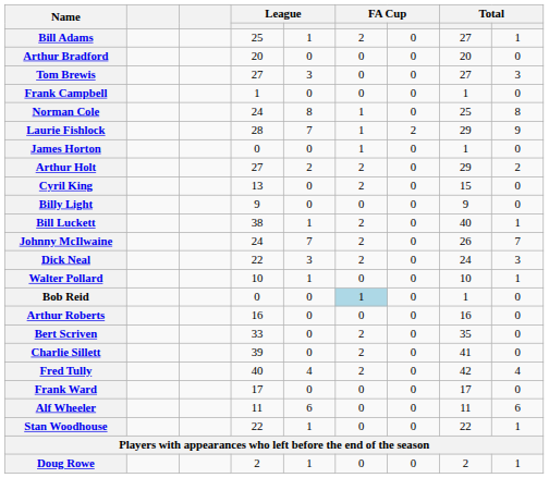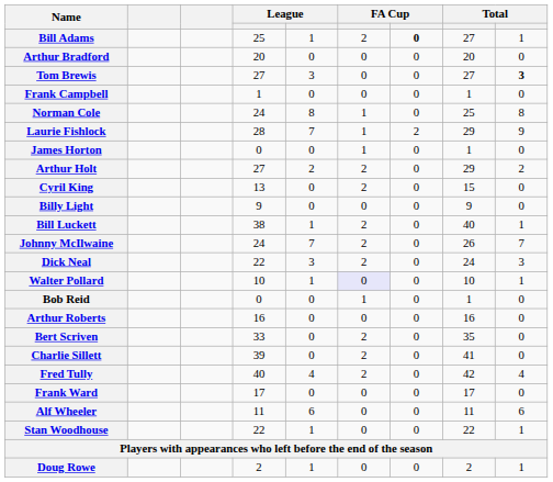 <table class="wikitable plainrowheaders" style="text-align:center;">
 <tr>
 <th scope="col" rowspan="2" style="width:10em;">Name</th>
 <th scope="col" rowspan="2" style="width:4em;"></th>
 <th scope="col" rowspan="2" style="width:4em;"></th>
 <th scope="col" colspan="2">League</th>
 <th scope="col" colspan="2">FA Cup</th>
 <th scope="col" colspan="2">Total</th>
 </tr>
 <tr>
 <th scope="col" style="width:4em;"></th>
 <th scope="col" style="width:4em;"></th>
 <th scope="col" style="width:4em;"></th>
 <th scope="col" style="width:4em;"></th>
 <th scope="col" style="width:4em;"></th>
 <th scope="col" style="width:4em;"></th>
 </tr>
 <tr>
 <th scope="row"><a href='#'>Bill Adams</a></th>
 <td></td>
 <td></td>
 <td>25</td>
 <td>1</td>
 <td>2</td>
-<td>0</td>
+<td><strong>0</strong></td>
 <td>27</td>
 <td>1</td>
 </tr>
 <tr>
 <th scope="row"><a href='#'>Arthur Bradford</a></th>
 <td></td>
 <td></td>
 <td>20</td>
 <td>0</td>
 <td>0</td>
 <td>0</td>
 <td>20</td>
 <td>0</td>
 </tr>
 <tr>
 <th scope="row"><a href='#'>Tom Brewis</a></th>
 <td></td>
 <td></td>
 <td>27</td>
 <td>3</td>
 <td>0</td>
 <td>0</td>
 <td>27</td>
-<td>3</td>
+<td><strong>3</strong></td>
 </tr>
 <tr>
 <th scope="row"><a href='#'>Frank Campbell</a></th>
 <td></td>
 <td></td>
 <td>1</td>
 <td>0</td>
 <td>0</td>
 <td>0</td>
 <td>1</td>
 <td>0</td>
 </tr>
 <tr>
 <th scope="row"><a href='#'>Norman Cole</a></th>
 <td></td>
 <td></td>
 <td>24</td>
 <td>8</td>
 <td>1</td>
 <td>0</td>
 <td>25</td>
 <td>8</td>
 </tr>
 <tr>
 <th scope="row"><a href='#'>Laurie Fishlock</a></th>
 <td></td>
 <td></td>
 <td>28</td>
 <td>7</td>
 <td>1</td>
 <td>2</td>
 <td>29</td>
 <td>9</td>
 </tr>
 <tr>
 <th scope="row"><a href='#'>James Horton</a></th>
 <td></td>
 <td></td>
 <td>0</td>
 <td>0</td>
 <td>1</td>
 <td>0</td>
 <td>1</td>
 <td>0</td>
 </tr>
 <tr>
 <th scope="row"><a href='#'>Arthur Holt</a></th>
 <td></td>
 <td></td>
 <td>27</td>
 <td>2</td>
 <td>2</td>
 <td>0</td>
 <td>29</td>
 <td>2</td>
 </tr>
 <tr>
 <th scope="row"><a href='#'>Cyril King</a></th>
 <td></td>
 <td></td>
 <td>13</td>
 <td>0</td>
 <td>2</td>
 <td>0</td>
 <td>15</td>
 <td>0</td>
 </tr>
 <tr>
 <th scope="row"><a href='#'>Billy Light</a></th>
 <td></td>
 <td></td>
 <td>9</td>
 <td>0</td>
 <td>0</td>
 <td>0</td>
 <td>9</td>
 <td>0</td>
 </tr>
 <tr>
 <th scope="row"><a href='#'>Bill Luckett</a></th>
 <td></td>
 <td></td>
 <td>38</td>
 <td>1</td>
 <td>2</td>
 <td>0</td>
 <td>40</td>
 <td>1</td>
 </tr>
 <tr>
 <th scope="row"><a href='#'>Johnny McIlwaine</a></th>
 <td></td>
 <td></td>
 <td>24</td>
 <td>7</td>
 <td>2</td>
 <td>0</td>
 <td>26</td>
 <td>7</td>
 </tr>
 <tr>
 <th scope="row"><a href='#'>Dick Neal</a></th>
 <td></td>
 <td></td>
 <td>22</td>
 <td>3</td>
 <td>2</td>
 <td>0</td>
 <td>24</td>
 <td>3</td>
 </tr>
 <tr>
 <th scope="row"><a href='#'>Walter Pollard</a></th>
 <td></td>
 <td></td>
 <td>10</td>
 <td>1</td>
-<td>0</td>
+<td style="background: lavender;">0</td>
 <td>0</td>
 <td>10</td>
 <td>1</td>
 </tr>
 <tr>
 <th scope="row">Bob Reid</th>
 <td></td>
 <td></td>
 <td>0</td>
 <td>0</td>
-<td style="background: lightblue;">1</td>
+<td>1</td>
 <td>0</td>
 <td>1</td>
 <td>0</td>
 </tr>
 <tr>
 <th scope="row"><a href='#'>Arthur Roberts</a></th>
 <td></td>
 <td></td>
 <td>16</td>
 <td>0</td>
 <td>0</td>
 <td>0</td>
 <td>16</td>
 <td>0</td>
 </tr>
 <tr>
 <th scope="row"><a href='#'>Bert Scriven</a></th>
 <td></td>
 <td></td>
 <td>33</td>
 <td>0</td>
 <td>2</td>
 <td>0</td>
 <td>35</td>
 <td>0</td>
 </tr>
 <tr>
 <th scope="row"><a href='#'>Charlie Sillett</a></th>
 <td></td>
 <td></td>
 <td>39</td>
 <td>0</td>
 <td>2</td>
 <td>0</td>
 <td>41</td>
 <td>0</td>
 </tr>
 <tr>
 <th scope="row"><a href='#'>Fred Tully</a></th>
 <td></td>
 <td></td>
 <td>40</td>
 <td>4</td>
 <td>2</td>
 <td>0</td>
 <td>42</td>
 <td>4</td>
 </tr>
 <tr>
 <th scope="row"><a href='#'>Frank Ward</a></th>
 <td></td>
 <td></td>
 <td>17</td>
 <td>0</td>
 <td>0</td>
 <td>0</td>
 <td>17</td>
 <td>0</td>
 </tr>
 <tr>
 <th scope="row"><a href='#'>Alf Wheeler</a></th>
 <td></td>
 <td></td>
 <td>11</td>
 <td>6</td>
 <td>0</td>
 <td>0</td>
 <td>11</td>
 <td>6</td>
 </tr>
 <tr>
 <th scope="row"><a href='#'>Stan Woodhouse</a></th>
 <td></td>
 <td></td>
 <td>22</td>
 <td>1</td>
 <td>0</td>
 <td>0</td>
 <td>22</td>
 <td>1</td>
 </tr>
 <tr>
 <th scope="col" colspan="11">Players with appearances who left before the end of the season</th>
 </tr>
 <tr>
 <th scope="row"><a href='#'>Doug Rowe</a></th>
 <td></td>
 <td></td>
 <td>2</td>
 <td>1</td>
 <td>0</td>
 <td>0</td>
 <td>2</td>
 <td>1</td>
 </tr>
 </table>
